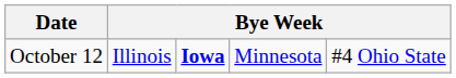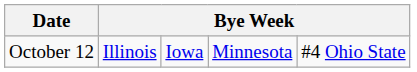 <table class="wikitable" style="font-size:95%;">
 <tr>
 <th>Date</th>
 <th colspan="4">Bye Week</th>
 </tr>
 <tr>
 <td>October 12</td>
 <td><a href='#'>Illinois</a></td>
-<td><strong><a href='#'>Iowa</a></strong></td>
+<td><a href='#'>Iowa</a></td>
 <td><a href='#'>Minnesota</a></td>
 <td>#4 <a href='#'>Ohio State</a></td>
 </tr>
 </table>
